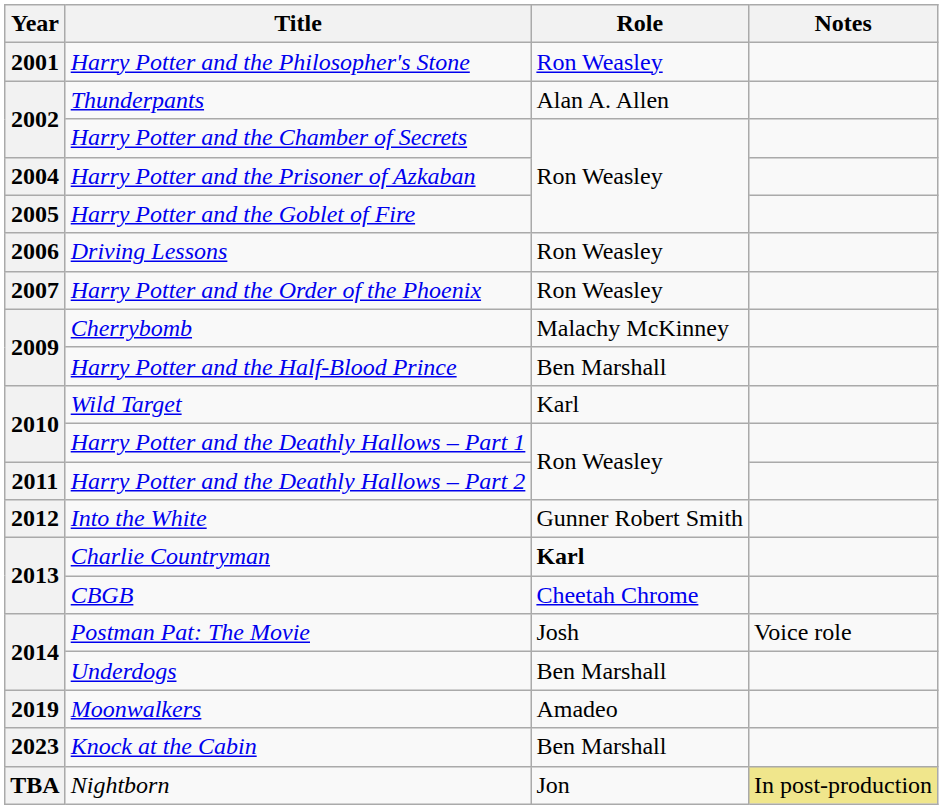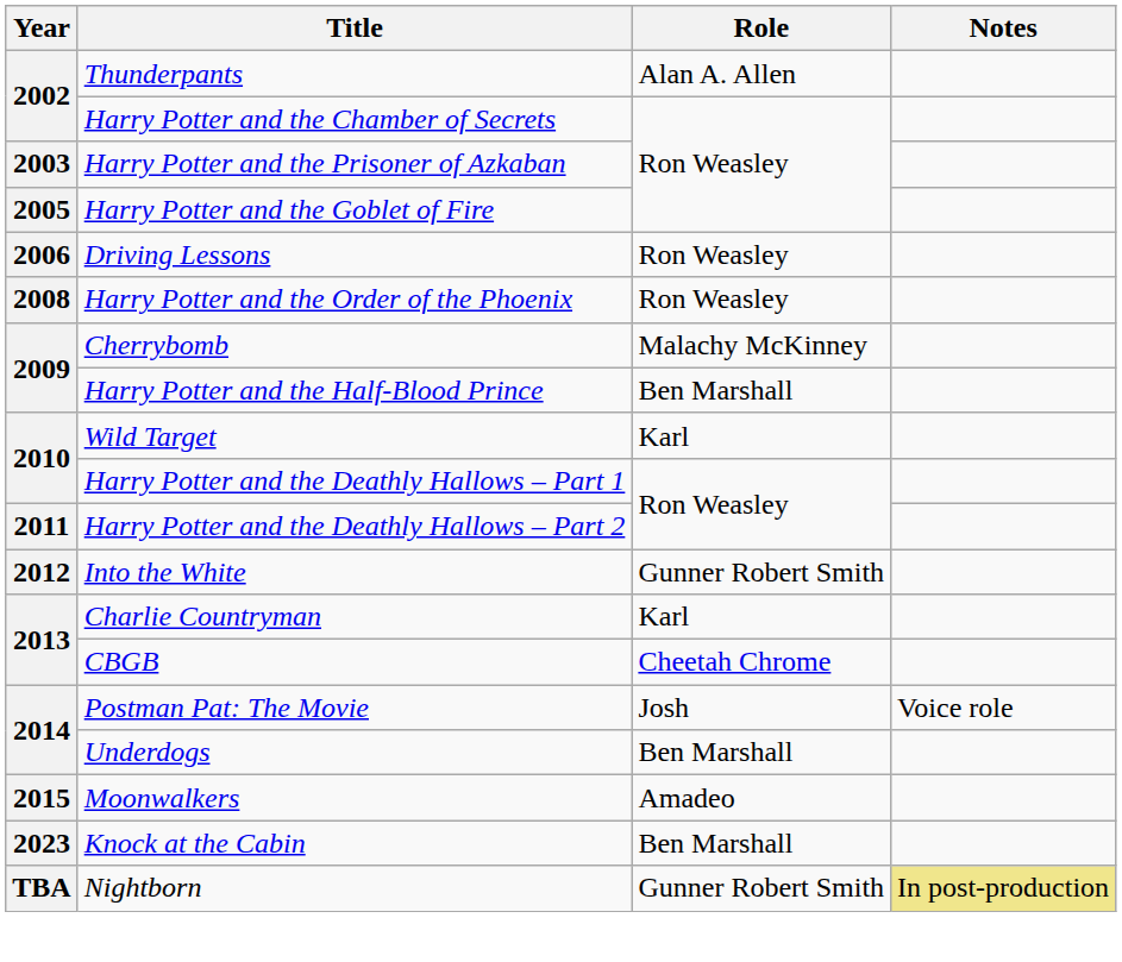 <table class="wikitable plainrowheaders sortable">
 <tr>
 <th scope="col">Year</th>
 <th scope="col">Title</th>
 <th scope="col" class="unsortable">Role</th>
 <th scope="col" class="unsortable">Notes</th>
-</tr>
-<tr>
-<th scope="row">2001</th>
-<td><em><a href='#'>Harry Potter and the Philosopher's Stone</a></em></td>
-<td><a href='#'>Ron Weasley</a></td>
-<td></td>
 </tr>
 <tr>
 <th scope="row" rowspan="2">2002</th>
 <td><em><a href='#'>Thunderpants</a></em></td>
 <td>Alan A. Allen</td>
 <td></td>
 </tr>
 <tr>
 <td><em><a href='#'>Harry Potter and the Chamber of Secrets</a></em></td>
 <td rowspan="3">Ron Weasley</td>
 <td></td>
 </tr>
 <tr>
-<th scope="row">2004</th>
+<th scope="row">2003</th>
 <td><em><a href='#'>Harry Potter and the Prisoner of Azkaban</a></em></td>
 <td></td>
 </tr>
 <tr>
 <th scope="row">2005</th>
 <td><em><a href='#'>Harry Potter and the Goblet of Fire</a></em></td>
 <td></td>
 </tr>
 <tr>
 <th scope="row">2006</th>
 <td><em><a href='#'>Driving Lessons</a></em></td>
 <td>Ron Weasley</td>
 <td></td>
 </tr>
 <tr>
-<th scope="row">2007</th>
+<th scope="row">2008</th>
 <td><em><a href='#'>Harry Potter and the Order of the Phoenix</a></em></td>
 <td>Ron Weasley</td>
 <td></td>
 </tr>
 <tr>
 <th scope="row" rowspan="2">2009</th>
 <td><em><a href='#'>Cherrybomb</a></em></td>
 <td>Malachy McKinney</td>
 <td></td>
 </tr>
 <tr>
 <td><em><a href='#'>Harry Potter and the Half-Blood Prince</a></em></td>
 <td>Ben Marshall</td>
 <td></td>
 </tr>
 <tr>
 <th scope="row" rowspan="2">2010</th>
 <td><em><a href='#'>Wild Target</a></em></td>
 <td>Karl</td>
 <td></td>
 </tr>
 <tr>
 <td><em><a href='#'>Harry Potter and the Deathly Hallows&nbsp;– Part 1</a></em></td>
 <td rowspan="2">Ron Weasley</td>
 <td></td>
 </tr>
 <tr>
 <th scope="row">2011</th>
 <td><em><a href='#'>Harry Potter and the Deathly Hallows&nbsp;– Part 2</a></em></td>
 <td></td>
 </tr>
 <tr>
 <th scope="row">2012</th>
 <td><em><a href='#'>Into the White</a></em></td>
 <td>Gunner Robert Smith</td>
 <td></td>
 </tr>
 <tr>
 <th scope="row" rowspan="2">2013</th>
 <td><em><a href='#'>Charlie Countryman</a></em></td>
-<td><strong>Karl</strong></td>
+<td>Karl</td>
 <td></td>
 </tr>
 <tr>
 <td><em><a href='#'>CBGB</a></em></td>
 <td><a href='#'>Cheetah Chrome</a></td>
 <td></td>
 </tr>
 <tr>
 <th scope="row" rowspan="2">2014</th>
 <td><em><a href='#'>Postman Pat: The Movie</a></em></td>
 <td>Josh</td>
 <td>Voice role</td>
 </tr>
 <tr>
 <td><em><a href='#'>Underdogs</a></em></td>
 <td>Ben Marshall</td>
 <td></td>
 </tr>
 <tr>
-<th scope="row">2019</th>
+<th scope="row">2015</th>
 <td><em><a href='#'>Moonwalkers</a></em></td>
 <td>Amadeo</td>
 <td></td>
 </tr>
 <tr>
 <th scope="row">2023</th>
 <td><em><a href='#'>Knock at the Cabin</a></em></td>
 <td>Ben Marshall</td>
 <td></td>
 </tr>
 <tr>
 <th scope="row">TBA</th>
 <td><em>Nightborn</em></td>
-<td>Jon</td>
+<td>Gunner Robert Smith</td>
 <td style="background: khaki;">In post-production<br> </td>
 </tr>
 </table>
